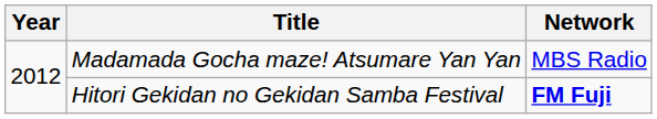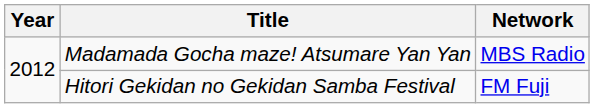 <table class="wikitable">
 <tr>
 <th>Year</th>
 <th>Title</th>
 <th>Network</th>
 </tr>
 <tr>
 <td rowspan="2">2012</td>
 <td><em>Madamada Gocha maze! Atsumare Yan Yan</em></td>
 <td><a href='#'>MBS Radio</a></td>
 </tr>
 <tr>
 <td><em>Hitori Gekidan no Gekidan Samba Festival</em></td>
-<td><strong><a href='#'>FM Fuji</a></strong></td>
+<td><a href='#'>FM Fuji</a></td>
 </tr>
 </table>
